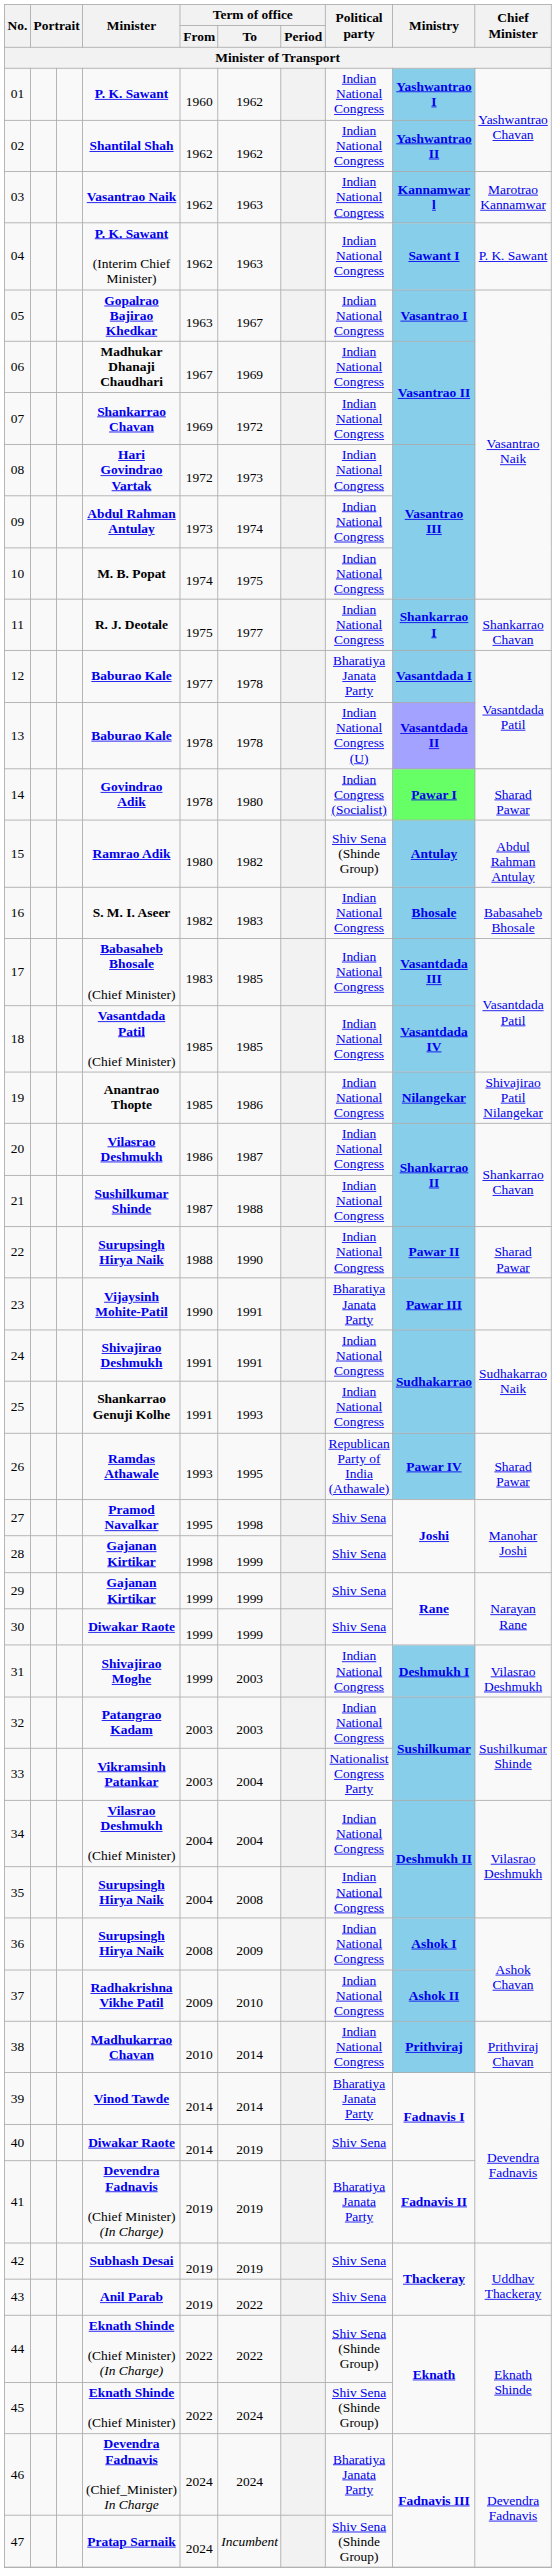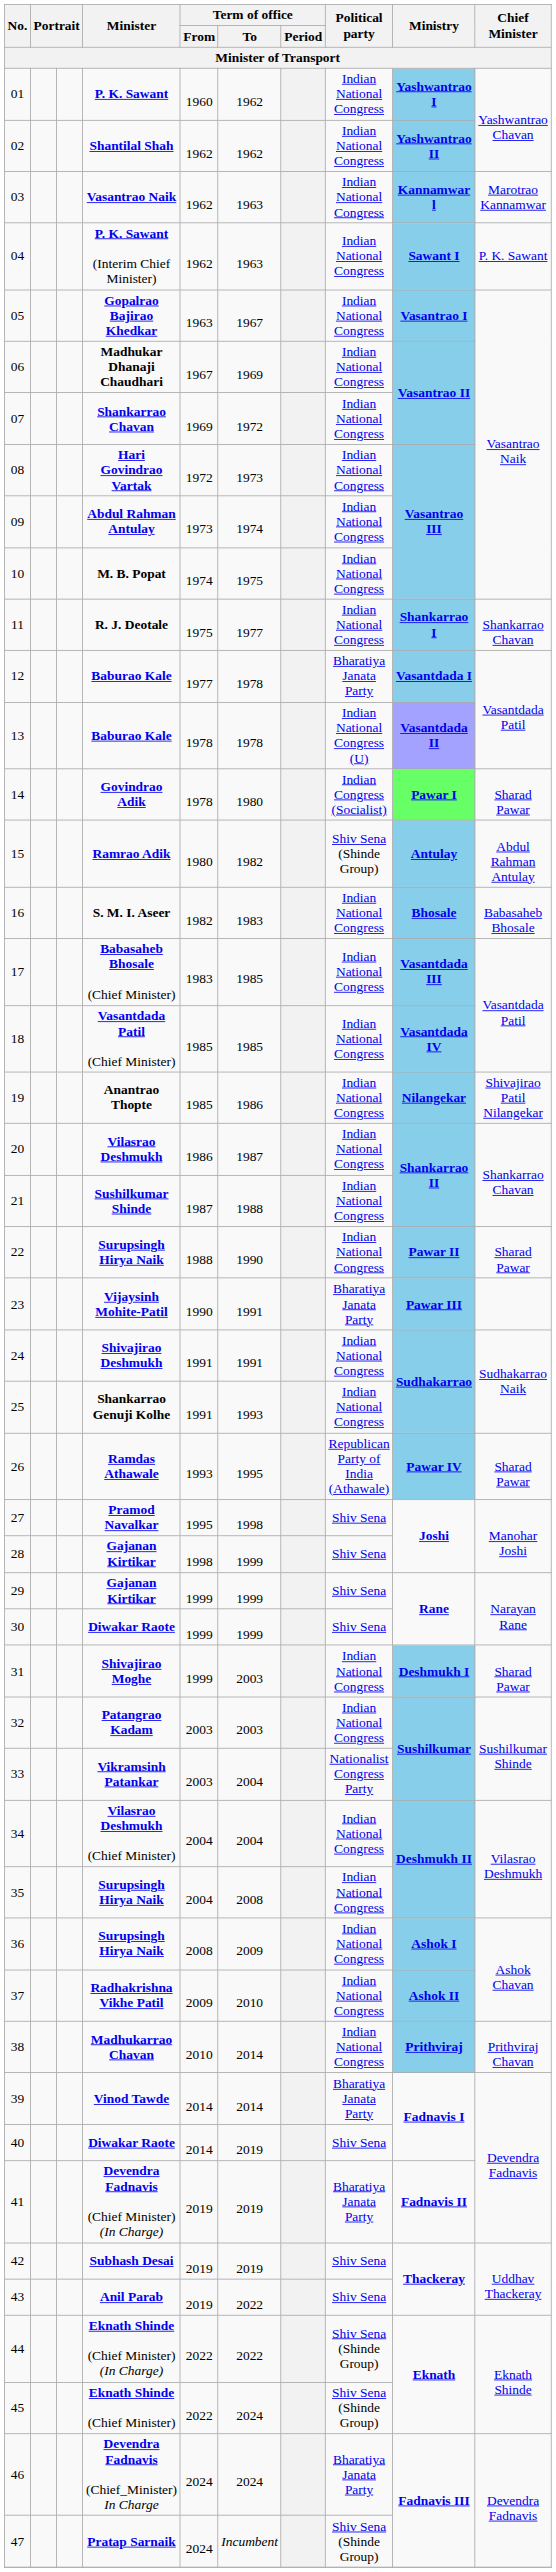 <table class="wikitable" style="text-align:center">
 <tr>
 <th rowspan="2">No.</th>
 <th rowspan="2" colspan="2">Portrait</th>
 <th rowspan="2" style="width:16em">Minister<br></th>
 <th colspan="3">Term of office</th>
 <th rowspan="2" style="width:8em">Political party</th>
 <th rowspan="2">Ministry</th>
 <th rowspan="2" style="width:9em">Chief Minister</th>
 </tr>
 <tr>
 <th style="width:6em">From</th>
 <th style="width:6em">To</th>
 <th>Period</th>
 </tr>
 <tr>
 <th colspan="10">Minister of Transport</th>
 </tr>
 <tr>
 <td>01</td>
 <td style="color:inherit;background:"></td>
 <td></td>
 <td><strong><a href='#'>P. K. Sawant</a></strong> <br> </td>
 <td><br>1960</td>
 <td><br>1962</td>
 <th></th>
 <td><a href='#'>Indian National Congress</a></td>
 <td bgcolor="#87CEEB"><a href='#'><strong>Yashwantrao I</strong></a></td>
 <td rowspan="2"> <br><a href='#'>Yashwantrao Chavan</a></td>
 </tr>
 <tr>
 <td>02</td>
 <td style="color:inherit;background:"></td>
 <td></td>
 <td><strong><a href='#'>Shantilal Shah</a></strong> <br> </td>
 <td><br>1962</td>
 <td><br>1962</td>
 <th></th>
 <td><a href='#'>Indian National Congress</a></td>
 <td bgcolor="#87CEEB"><a href='#'><strong>Yashwantrao II</strong></a></td>
 </tr>
 <tr>
 <td>03</td>
 <td style="color:inherit;background:"></td>
 <td><br></td>
 <td><strong><a href='#'>Vasantrao Naik</a></strong> <br> </td>
 <td><br>1962</td>
 <td><br>1963</td>
 <th></th>
 <td><a href='#'>Indian National Congress</a></td>
 <td bgcolor="#87CEEB"><a href='#'><strong>Kannamwar l</strong></a></td>
 <td><a href='#'>Marotrao Kannamwar</a></td>
 </tr>
 <tr>
 <td>04</td>
 <td style="color:inherit;background:"></td>
 <td></td>
 <td><strong><a href='#'>P. K. Sawant</a></strong> <br>  <br>(Interim Chief Minister)</td>
 <td><br>1962</td>
 <td><br>1963</td>
 <th></th>
 <td><a href='#'>Indian National Congress</a></td>
 <td bgcolor="#87CEEB"><a href='#'><strong>Sawant I</strong></a></td>
 <td><a href='#'>P. K. Sawant</a></td>
 </tr>
 <tr>
 <td>05</td>
 <td style="color:inherit;background:"></td>
 <td></td>
 <td><strong><a href='#'>Gopalrao Bajirao Khedkar</a></strong> <br> </td>
 <td><br>1963</td>
 <td><br>1967</td>
 <th></th>
 <td><a href='#'>Indian National Congress</a></td>
 <td bgcolor="#87CEEB"><a href='#'><strong>Vasantrao I</strong></a></td>
 <td rowspan="6"><br><a href='#'>Vasantrao Naik</a></td>
 </tr>
 <tr>
 <td>06</td>
 <td style="color:inherit;background:"></td>
 <td></td>
 <td><strong>Madhukar Dhanaji Chaudhari</strong> <br> </td>
 <td><br>1967</td>
 <td><br>1969</td>
 <th></th>
 <td><a href='#'>Indian National Congress</a></td>
 <td rowspan="2" bgcolor="#87CEEB"><a href='#'><strong>Vasantrao II</strong></a></td>
 </tr>
 <tr>
 <td>07</td>
 <td style="color:inherit;background:"></td>
 <td></td>
 <td><strong><a href='#'>Shankarrao Chavan</a></strong> <br> </td>
 <td><br>1969</td>
 <td><br>1972</td>
 <th></th>
 <td><a href='#'>Indian National Congress</a></td>
 </tr>
 <tr>
 <td>08</td>
 <td style="color:inherit;background:"></td>
 <td></td>
 <td><strong><a href='#'>Hari Govindrao Vartak</a></strong> <br> </td>
 <td><br>1972</td>
 <td><br>1973</td>
 <th></th>
 <td><a href='#'>Indian National Congress</a></td>
 <td rowspan="3" bgcolor="#87CEEB"><a href='#'><strong>Vasantrao III</strong></a></td>
 </tr>
 <tr>
 <td>09</td>
 <td style="color:inherit;background:"></td>
 <td><br></td>
 <td><strong><a href='#'>Abdul Rahman Antulay</a></strong><br> </td>
 <td><br>1973</td>
 <td><br>1974</td>
 <th></th>
 <td><a href='#'>Indian National Congress</a></td>
 </tr>
 <tr>
 <td>10</td>
 <td style="color:inherit;background:"></td>
 <td></td>
 <td><strong>M. B. Popat</strong> <br> </td>
 <td><br>1974</td>
 <td><br>1975</td>
 <th></th>
 <td><a href='#'>Indian National Congress</a></td>
 </tr>
 <tr>
 <td>11</td>
 <td style="color:inherit;background:"></td>
 <td></td>
 <td><strong>R. J. Deotale</strong>  <br> </td>
 <td><br>1975</td>
 <td><br>1977</td>
 <th></th>
 <td><a href='#'>Indian National Congress</a></td>
 <td rowspan="1" bgcolor="#87CEEB"><a href='#'><strong>Shankarrao I</strong></a></td>
 <td rowspan="1"><br><a href='#'>Shankarrao Chavan</a></td>
 </tr>
 <tr>
 <td>12</td>
 <td style="color:inherit;background:"></td>
 <td></td>
 <td><strong><a href='#'>Baburao Kale</a></strong> <br> </td>
 <td><br>1977</td>
 <td><br>1978</td>
 <th></th>
 <td><a href='#'>Bharatiya Janata Party</a></td>
 <td rowspan="1" bgcolor="#88CEEB"><a href='#'><strong>Vasantdada I</strong></a></td>
 <td rowspan="2"><br><a href='#'>Vasantdada Patil</a></td>
 </tr>
 <tr>
 <td>13</td>
 <td style="color:inherit;background:"></td>
 <td></td>
 <td><strong><a href='#'>Baburao Kale</a></strong> <br> </td>
 <td><br>1978</td>
 <td><br>1978</td>
 <th></th>
 <td><a href='#'>Indian National Congress (U)</a></td>
 <td bgcolor="#A3A3FF"><a href='#'><strong>Vasantdada II</strong></a></td>
 </tr>
 <tr>
 <td>14</td>
 <td style="color:inherit;background:"></td>
 <td></td>
 <td><strong><a href='#'>Govindrao Adik</a></strong> <br> </td>
 <td><br>1978</td>
 <td><br>1980</td>
 <th></th>
 <td><a href='#'>Indian Congress (Socialist)</a></td>
 <td rowspan="1" bgcolor="#66FF66"><a href='#'><strong>Pawar I</strong></a></td>
 <td rowspan="1"><br><a href='#'>Sharad Pawar</a></td>
 </tr>
 <tr>
 <td>15</td>
 <td style="color:inherit;background:"></td>
 <td></td>
 <td><strong><a href='#'>Ramrao Adik</a></strong> <br> </td>
 <td><br>1980</td>
 <td><br>1982</td>
 <th></th>
 <td><a href='#'>Shiv Sena</a> (Shinde Group)</td>
 <td bgcolor="#87CEEB"><a href='#'><strong>Antulay</strong></a></td>
 <td rowspan="1"> <br><a href='#'>Abdul Rahman Antulay</a></td>
 </tr>
 <tr>
 <td>16</td>
 <td style="color:inherit;background:"></td>
 <td></td>
 <td><strong>S. M. I. Aseer</strong> <br> </td>
 <td><br>1982</td>
 <td><br>1983</td>
 <th></th>
 <td><a href='#'>Indian National Congress</a></td>
 <td rowspan="1" bgcolor="#87CEEB"><a href='#'><strong>Bhosale</strong></a></td>
 <td rowspan="1"> <br><a href='#'>Babasaheb Bhosale</a></td>
 </tr>
 <tr>
 <td>17</td>
 <td style="color:inherit;background:"></td>
 <td></td>
 <td><strong><a href='#'>Babasaheb Bhosale</a></strong> <br> <br>(Chief Minister)</td>
 <td><br>1983</td>
 <td><br>1985</td>
 <th></th>
 <td><a href='#'>Indian National Congress</a></td>
 <td bgcolor="#87CEEB"><a href='#'><strong>Vasantdada III</strong></a></td>
 <td rowspan="2"><br><a href='#'>Vasantdada Patil</a></td>
 </tr>
 <tr>
 <td>18</td>
 <td style="color:inherit;background:"></td>
 <td></td>
 <td><strong><a href='#'>Vasantdada Patil</a></strong><br>   <br>(Chief Minister)</td>
 <td><br>1985</td>
 <td><br>1985</td>
 <th></th>
 <td><a href='#'>Indian National Congress</a></td>
 <td bgcolor="#87CEEB"><a href='#'><strong>Vasantdada IV</strong></a></td>
 </tr>
 <tr>
 <td>19</td>
 <td style="color:inherit;background:"></td>
 <td></td>
 <td><strong>Anantrao Thopte</strong>  <br> </td>
 <td><br>1985</td>
 <td><br>1986</td>
 <th></th>
 <td><a href='#'>Indian National Congress</a></td>
 <td bgcolor="#87CEEB"><a href='#'><strong>Nilangekar</strong></a></td>
 <td><a href='#'>Shivajirao Patil Nilangekar</a></td>
 </tr>
 <tr>
 <td>20</td>
 <td style="color:inherit;background:"></td>
 <td></td>
 <td><strong><a href='#'>Vilasrao Deshmukh</a></strong> <br> </td>
 <td><br>1986</td>
 <td><br>1987</td>
 <th></th>
 <td><a href='#'>Indian National Congress</a></td>
 <td rowspan="2"bgcolor="#87CEEB"><a href='#'><strong>Shankarrao II</strong></a></td>
 <td rowspan="2"> <br><a href='#'>Shankarrao Chavan</a></td>
 </tr>
 <tr>
 <td>21</td>
 <td style="color:inherit;background:"></td>
 <td><br></td>
 <td><strong><a href='#'>Sushilkumar Shinde</a></strong>  <br> </td>
 <td><br>1987</td>
 <td><br>1988</td>
 <th></th>
 <td><a href='#'>Indian National Congress</a></td>
 </tr>
 <tr>
 <td>22</td>
 <td style="color:inherit;background:"></td>
 <td></td>
 <td><strong><a href='#'>Surupsingh Hirya Naik</a></strong>  <br> </td>
 <td><br>1988</td>
 <td><br>1990</td>
 <th></th>
 <td><a href='#'>Indian National Congress</a></td>
 <td bgcolor="#87CEEB"><a href='#'><strong>Pawar II</strong></a></td>
 <td rowspan="1"> <br><a href='#'>Sharad Pawar</a></td>
 </tr>
 <tr>
 <td>23</td>
 <td style="color:inherit;background:"></td>
 <td><br></td>
 <td><strong><a href='#'>Vijaysinh Mohite-Patil</a></strong>  <br> </td>
 <td><br>1990</td>
 <td><br>1991</td>
 <th></th>
 <td rowspan="1"><a href='#'>Bharatiya Janata Party</a></td>
 <td rowspan="1" bgcolor="#87CEEB"><a href='#'><strong>Pawar III</strong></a></td>
 </tr>
 <tr>
 <td>24</td>
 <td style="color:inherit;background:"></td>
 <td><br></td>
 <td><strong><a href='#'>Shivajirao Deshmukh</a></strong>  <br> </td>
 <td><br>1991</td>
 <td><br>1991</td>
 <th></th>
 <td><a href='#'>Indian National Congress</a></td>
 <td rowspan="2" bgcolor="#87CEEB"><a href='#'><strong>Sudhakarrao</strong></a></td>
 <td rowspan="2"><a href='#'>Sudhakarrao Naik</a></td>
 </tr>
 <tr>
 <td>25</td>
 <td style="color:inherit;background:"></td>
 <td></td>
 <td><strong>Shankarrao Genuji Kolhe</strong>  <br> </td>
 <td><br>1991</td>
 <td><br>1993</td>
 <th></th>
 <td><a href='#'>Indian National Congress</a></td>
 </tr>
 <tr>
 <td>26</td>
 <td style="color:inherit;background:"></td>
 <td></td>
 <td><strong><a href='#'>Ramdas Athawale</a></strong> <br> </td>
 <td><br>1993</td>
 <td><br>1995</td>
 <th></th>
 <td><a href='#'>Republican Party of India (Athawale)</a></td>
 <td bgcolor="#87CEEB"><a href='#'><strong>Pawar IV</strong></a></td>
 <td> <br><a href='#'>Sharad Pawar</a></td>
 </tr>
 <tr>
 <td>27</td>
 <td style="color:inherit;background:"></td>
 <td></td>
 <td><strong><a href='#'>Pramod Navalkar</a></strong> <br> </td>
 <td><br>1995</td>
 <td><br>1998</td>
 <th></th>
 <td><a href='#'>Shiv Sena</a></td>
 <td rowspan="2"><a href='#'><strong>Joshi</strong></a></td>
 <td rowspan="2"> <br><a href='#'>Manohar Joshi</a></td>
 </tr>
 <tr>
 <td>28</td>
 <td style="color:inherit;background:"></td>
 <td></td>
 <td><strong><a href='#'>Gajanan Kirtikar</a></strong> <br> </td>
 <td><br>1998</td>
 <td><br>1999</td>
 <th></th>
 <td><a href='#'>Shiv Sena</a></td>
 </tr>
 <tr>
 <td>29</td>
 <td style="color:inherit;background:"></td>
 <td></td>
 <td><strong><a href='#'>Gajanan Kirtikar</a></strong> <br> </td>
 <td><br>1999</td>
 <td><br>1999</td>
 <th></th>
 <td><a href='#'>Shiv Sena</a></td>
 <td rowspan="2"><a href='#'><strong>Rane</strong></a></td>
 <td rowspan="2"> <br><a href='#'>Narayan Rane</a></td>
 </tr>
 <tr>
 <td>30</td>
 <td style="color:inherit;background:"></td>
 <td></td>
 <td><strong><a href='#'>Diwakar Raote</a></strong> <br> </td>
 <td><br>1999</td>
 <td><br>1999</td>
 <th></th>
 <td><a href='#'>Shiv Sena</a></td>
 </tr>
 <tr>
 <td>31</td>
 <td style="color:inherit;background:"></td>
 <td></td>
 <td><strong><a href='#'>Shivajirao Moghe</a></strong> <br> </td>
 <td><br>1999</td>
 <td><br>2003</td>
 <th></th>
 <td><a href='#'>Indian National Congress</a></td>
 <td rowspan="1" bgcolor="#87CEEB"><a href='#'><strong>Deshmukh I</strong></a></td>
-<td rowspan="1"> <br><a href='#'>Vilasrao Deshmukh</a></td>
+<td> <br><a href='#'>Sharad Pawar</a></td>
 </tr>
 <tr>
 <td>32</td>
 <td style="color:inherit;background:"></td>
 <td></td>
 <td><strong><a href='#'>Patangrao Kadam</a></strong> <br> </td>
 <td><br>2003</td>
 <td><br>2003</td>
 <th></th>
 <td><a href='#'>Indian National Congress</a></td>
 <td rowspan="2" bgcolor="#87CEEB"><a href='#'><strong>Sushilkumar</strong></a></td>
 <td rowspan="2"> <br><a href='#'>Sushilkumar Shinde</a></td>
 </tr>
 <tr>
 <td>33</td>
 <td style="color:inherit;background:"></td>
 <td></td>
 <td><strong><a href='#'>Vikramsinh Patankar</a></strong> <br> </td>
 <td><br>2003</td>
 <td><br>2004</td>
 <th></th>
 <td><a href='#'>Nationalist Congress Party</a></td>
 </tr>
 <tr>
 <td>34</td>
 <td style="color:inherit;background:"></td>
 <td></td>
 <td><strong><a href='#'>Vilasrao Deshmukh</a></strong> <br> <br>(Chief Minister)</td>
 <td><br>2004</td>
 <td><br>2004</td>
 <th></th>
 <td><a href='#'>Indian National Congress</a></td>
 <td rowspan="2" bgcolor="#87CEEB"><a href='#'><strong>Deshmukh II</strong></a></td>
 <td rowspan="2"> <br><a href='#'>Vilasrao Deshmukh</a></td>
 </tr>
 <tr>
 <td>35</td>
 <td style="color:inherit;background:"></td>
 <td></td>
 <td><strong><a href='#'>Surupsingh Hirya Naik</a></strong> <br> </td>
 <td><br>2004</td>
 <td><br>2008</td>
 <th></th>
 <td><a href='#'>Indian National Congress</a></td>
 </tr>
 <tr>
 <td>36</td>
 <td style="color:inherit;background:"></td>
 <td></td>
 <td><strong><a href='#'>Surupsingh Hirya Naik</a></strong> <br> </td>
 <td><br>2008</td>
 <td><br>2009</td>
 <th></th>
 <td><a href='#'>Indian National Congress</a></td>
 <td bgcolor="#87CEEB"><a href='#'><strong>Ashok I</strong></a></td>
 <td rowspan="2"><br><a href='#'>Ashok Chavan</a></td>
 </tr>
 <tr>
 <td>37</td>
 <td style="color:inherit;background:"></td>
 <td></td>
 <td><strong><a href='#'>Radhakrishna Vikhe Patil</a></strong> <br> </td>
 <td><br>2009</td>
 <td><br>2010</td>
 <th></th>
 <td><a href='#'>Indian National Congress</a></td>
 <td bgcolor="#87CEEB"><a href='#'><strong>Ashok II</strong></a></td>
 </tr>
 <tr>
 <td>38</td>
 <td style="color:inherit;background:"></td>
 <td></td>
 <td><strong><a href='#'>Madhukarrao Chavan</a></strong> <br> </td>
 <td><br>2010</td>
 <td><br>2014</td>
 <th></th>
 <td><a href='#'>Indian National Congress</a></td>
 <td rowspan="1" bgcolor="#87CEEB"><a href='#'><strong>Prithviraj</strong></a></td>
 <td rowspan="1"><br><a href='#'>Prithviraj Chavan</a></td>
 </tr>
 <tr>
 <td>39</td>
 <td style="color:inherit;background:"></td>
 <td></td>
 <td><strong><a href='#'>Vinod Tawde</a></strong> <br> </td>
 <td><br>2014</td>
 <td><br>2014</td>
 <th></th>
 <td rowspan="1"><a href='#'>Bharatiya Janata Party</a></td>
 <td rowspan="2"><a href='#'><strong>Fadnavis I</strong></a></td>
 <td rowspan="3"> <br><a href='#'>Devendra Fadnavis</a></td>
 </tr>
 <tr>
 <td>40</td>
 <td style="color:inherit;background:"></td>
 <td></td>
 <td><strong><a href='#'>Diwakar Raote</a></strong> <br> </td>
 <td><br>2014</td>
 <td><br>2019</td>
 <th></th>
 <td rowspan="1"><a href='#'>Shiv Sena</a></td>
 </tr>
 <tr>
 <td>41</td>
 <td style="color:inherit;background:"></td>
 <td></td>
 <td><strong><a href='#'>Devendra Fadnavis</a></strong>  <br> <br>(Chief Minister) <br><em>(In Charge)</em></td>
 <td><br>2019</td>
 <td><br>2019</td>
 <th></th>
 <td><a href='#'>Bharatiya Janata Party</a></td>
 <td rowspan="1"><a href='#'><strong>Fadnavis II</strong></a></td>
 </tr>
 <tr>
 <td>42</td>
 <td style="color:inherit;background:"></td>
 <td></td>
 <td><strong><a href='#'>Subhash Desai</a></strong> <br> </td>
 <td><br>2019</td>
 <td><br>2019</td>
 <th></th>
 <td><a href='#'>Shiv Sena</a></td>
 <td rowspan="2"><a href='#'><strong>Thackeray</strong></a></td>
 <td rowspan="2"> <br><a href='#'>Uddhav Thackeray</a></td>
 </tr>
 <tr>
 <td>43</td>
 <td style="color:inherit;background:"></td>
 <td></td>
 <td><strong><a href='#'>Anil Parab</a></strong> <br> </td>
 <td><br>2019</td>
 <td><br>2022</td>
 <th></th>
 <td><a href='#'>Shiv Sena</a></td>
 </tr>
 <tr>
 <td>44</td>
 <td style="color:inherit;background:"></td>
 <td></td>
 <td><strong><a href='#'>Eknath Shinde</a></strong> <br> <br>(Chief Minister) <br><em>(In Charge)</em></td>
 <td><br>2022</td>
 <td><br>2022</td>
 <th></th>
 <td><a href='#'>Shiv Sena</a> (Shinde Group)</td>
 <td rowspan="2"><a href='#'><strong>Eknath</strong></a></td>
 <td rowspan="2"> <br><a href='#'>Eknath Shinde</a></td>
 </tr>
 <tr>
 <td>45</td>
 <td style="color:inherit;background:"></td>
 <td></td>
 <td><strong><a href='#'>Eknath Shinde</a></strong> <br> <br>(Chief Minister) <br></td>
 <td><br>2022</td>
 <td><br>2024</td>
 <th></th>
 <td><a href='#'>Shiv Sena</a> (Shinde Group)</td>
 </tr>
 <tr>
 <td>46</td>
 <td style="color:inherit;background:"></td>
 <td></td>
 <td><strong><a href='#'>Devendra Fadnavis</a></strong>  <br> <br>(Chief_Minister) <br><em>In Charge</em></td>
 <td><br>2024</td>
 <td><br>2024</td>
 <th></th>
 <td><a href='#'>Bharatiya Janata Party</a></td>
 <td rowspan="2"><a href='#'><strong>Fadnavis III</strong></a></td>
 <td rowspan="2"> <br><a href='#'>Devendra Fadnavis</a></td>
 </tr>
 <tr>
 <td>47</td>
 <td style="color:inherit;background:"></td>
 <td></td>
 <td><strong><a href='#'>Pratap Sarnaik</a></strong> <br> </td>
 <td><br>2024</td>
 <td><em>Incumbent</em></td>
 <th></th>
 <td><a href='#'>Shiv Sena</a> (Shinde Group)</td>
 </tr>
 <tr>
 </tr>
 </table>
